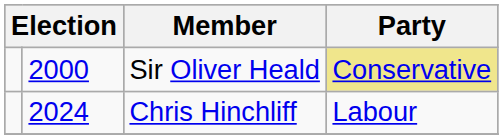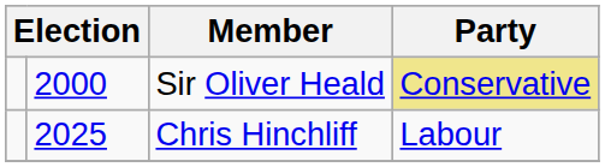 <table class="wikitable">
 <tr>
 <th colspan="2">Election</th>
 <th>Member</th>
 <th>Party</th>
 </tr>
 <tr>
 <td style="color:inherit;background-color: "></td>
 <td><a href='#'>2000</a></td>
 <td>Sir <a href='#'>Oliver Heald</a></td>
 <td style="background: khaki;"><a href='#'>Conservative</a></td>
 </tr>
 <tr>
 <td style="color:inherit;background-color: "></td>
-<td><a href='#'>2024</a></td>
+<td><a href='#'>2025</a></td>
 <td><a href='#'>Chris Hinchliff</a></td>
 <td><a href='#'>Labour</a></td>
 </tr>
 <tr>
 </tr>
 </table>
